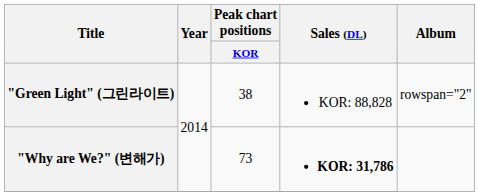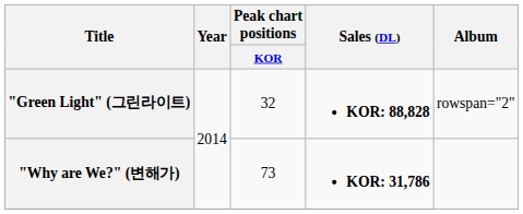 <table class="wikitable plainrowheaders" style="text-align:center;">
 <tr>
 <th scope="col" rowspan="2">Title</th>
 <th scope="col" rowspan="2">Year</th>
 <th scope="col" colspan="1">Peak chart <br> positions</th>
 <th scope="col" rowspan="2">Sales <small>(<a href='#'>DL</a>)</small></th>
 <th scope="col" rowspan="2">Album</th>
 </tr>
 <tr>
 <th><small><a href='#'>KOR</a></small><br></th>
 </tr>
 <tr>
 <th scope="row">"Green Light" (그린라이트)</th>
 <td rowspan="2">2014</td>
-<td>38</td>
-<td><br><ul><li>KOR: 88,828</li></ul></td>
+<td>32</td>
+<td><strong><br><ul><li>KOR: 88,828</li></ul></strong></td>
 <td>rowspan="2" </td>
 </tr>
 <tr>
 <th scope="row">"Why are We?" (변해가)</th>
 <td>73</td>
 <td><strong><br><ul><li>KOR: 31,786</li></ul></strong></td>
 </tr>
 <tr>
 </tr>
 </table>
